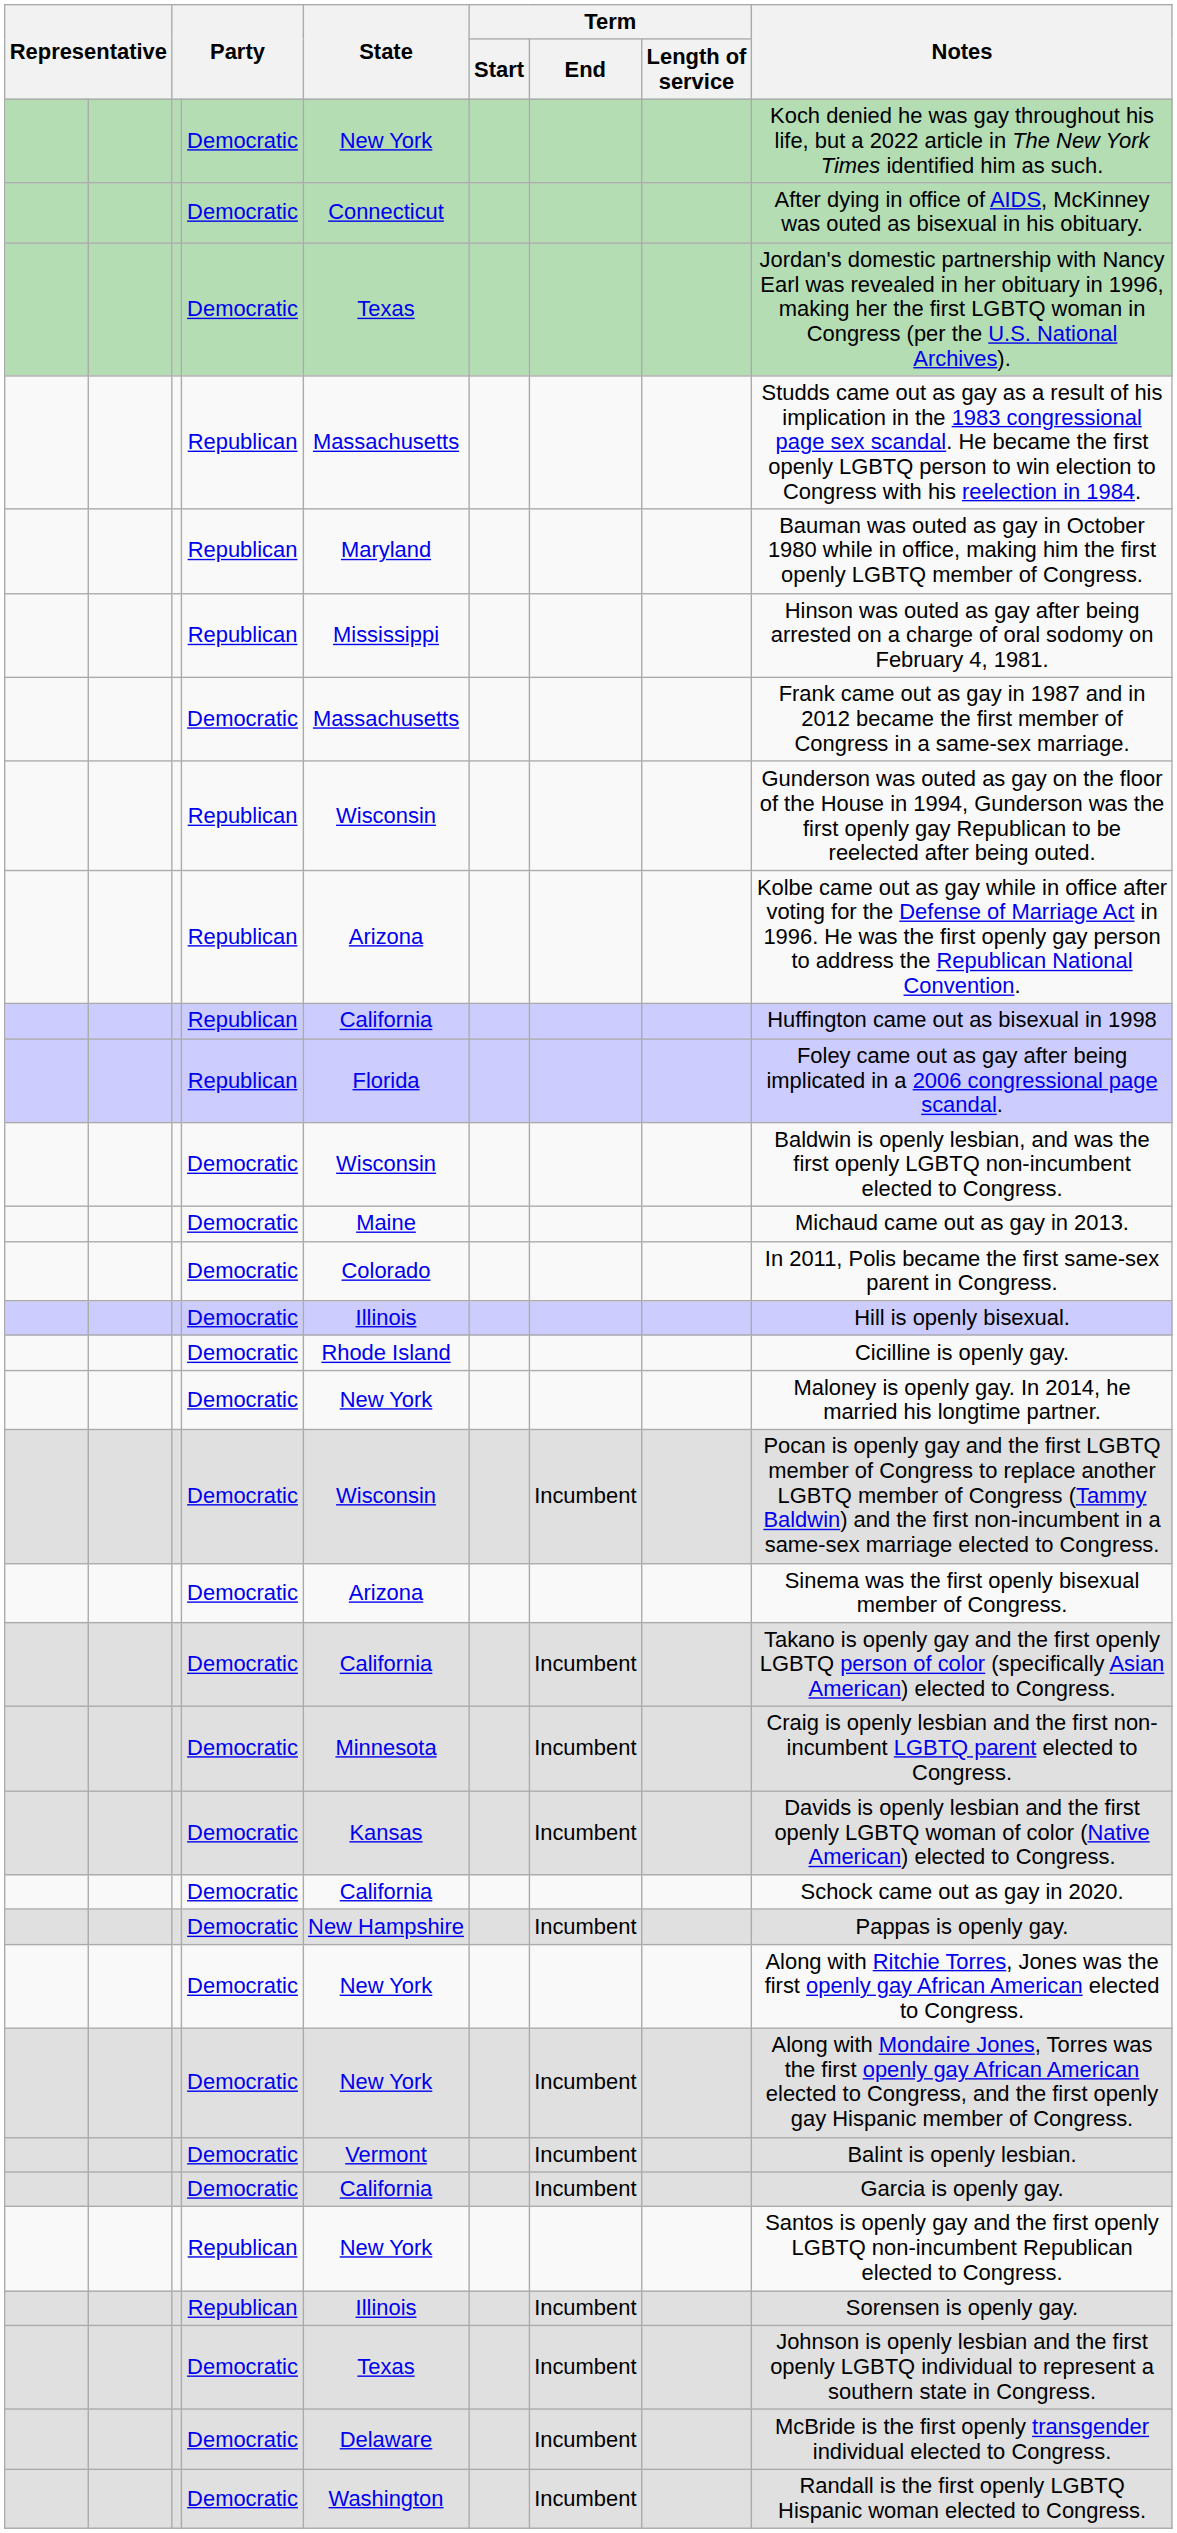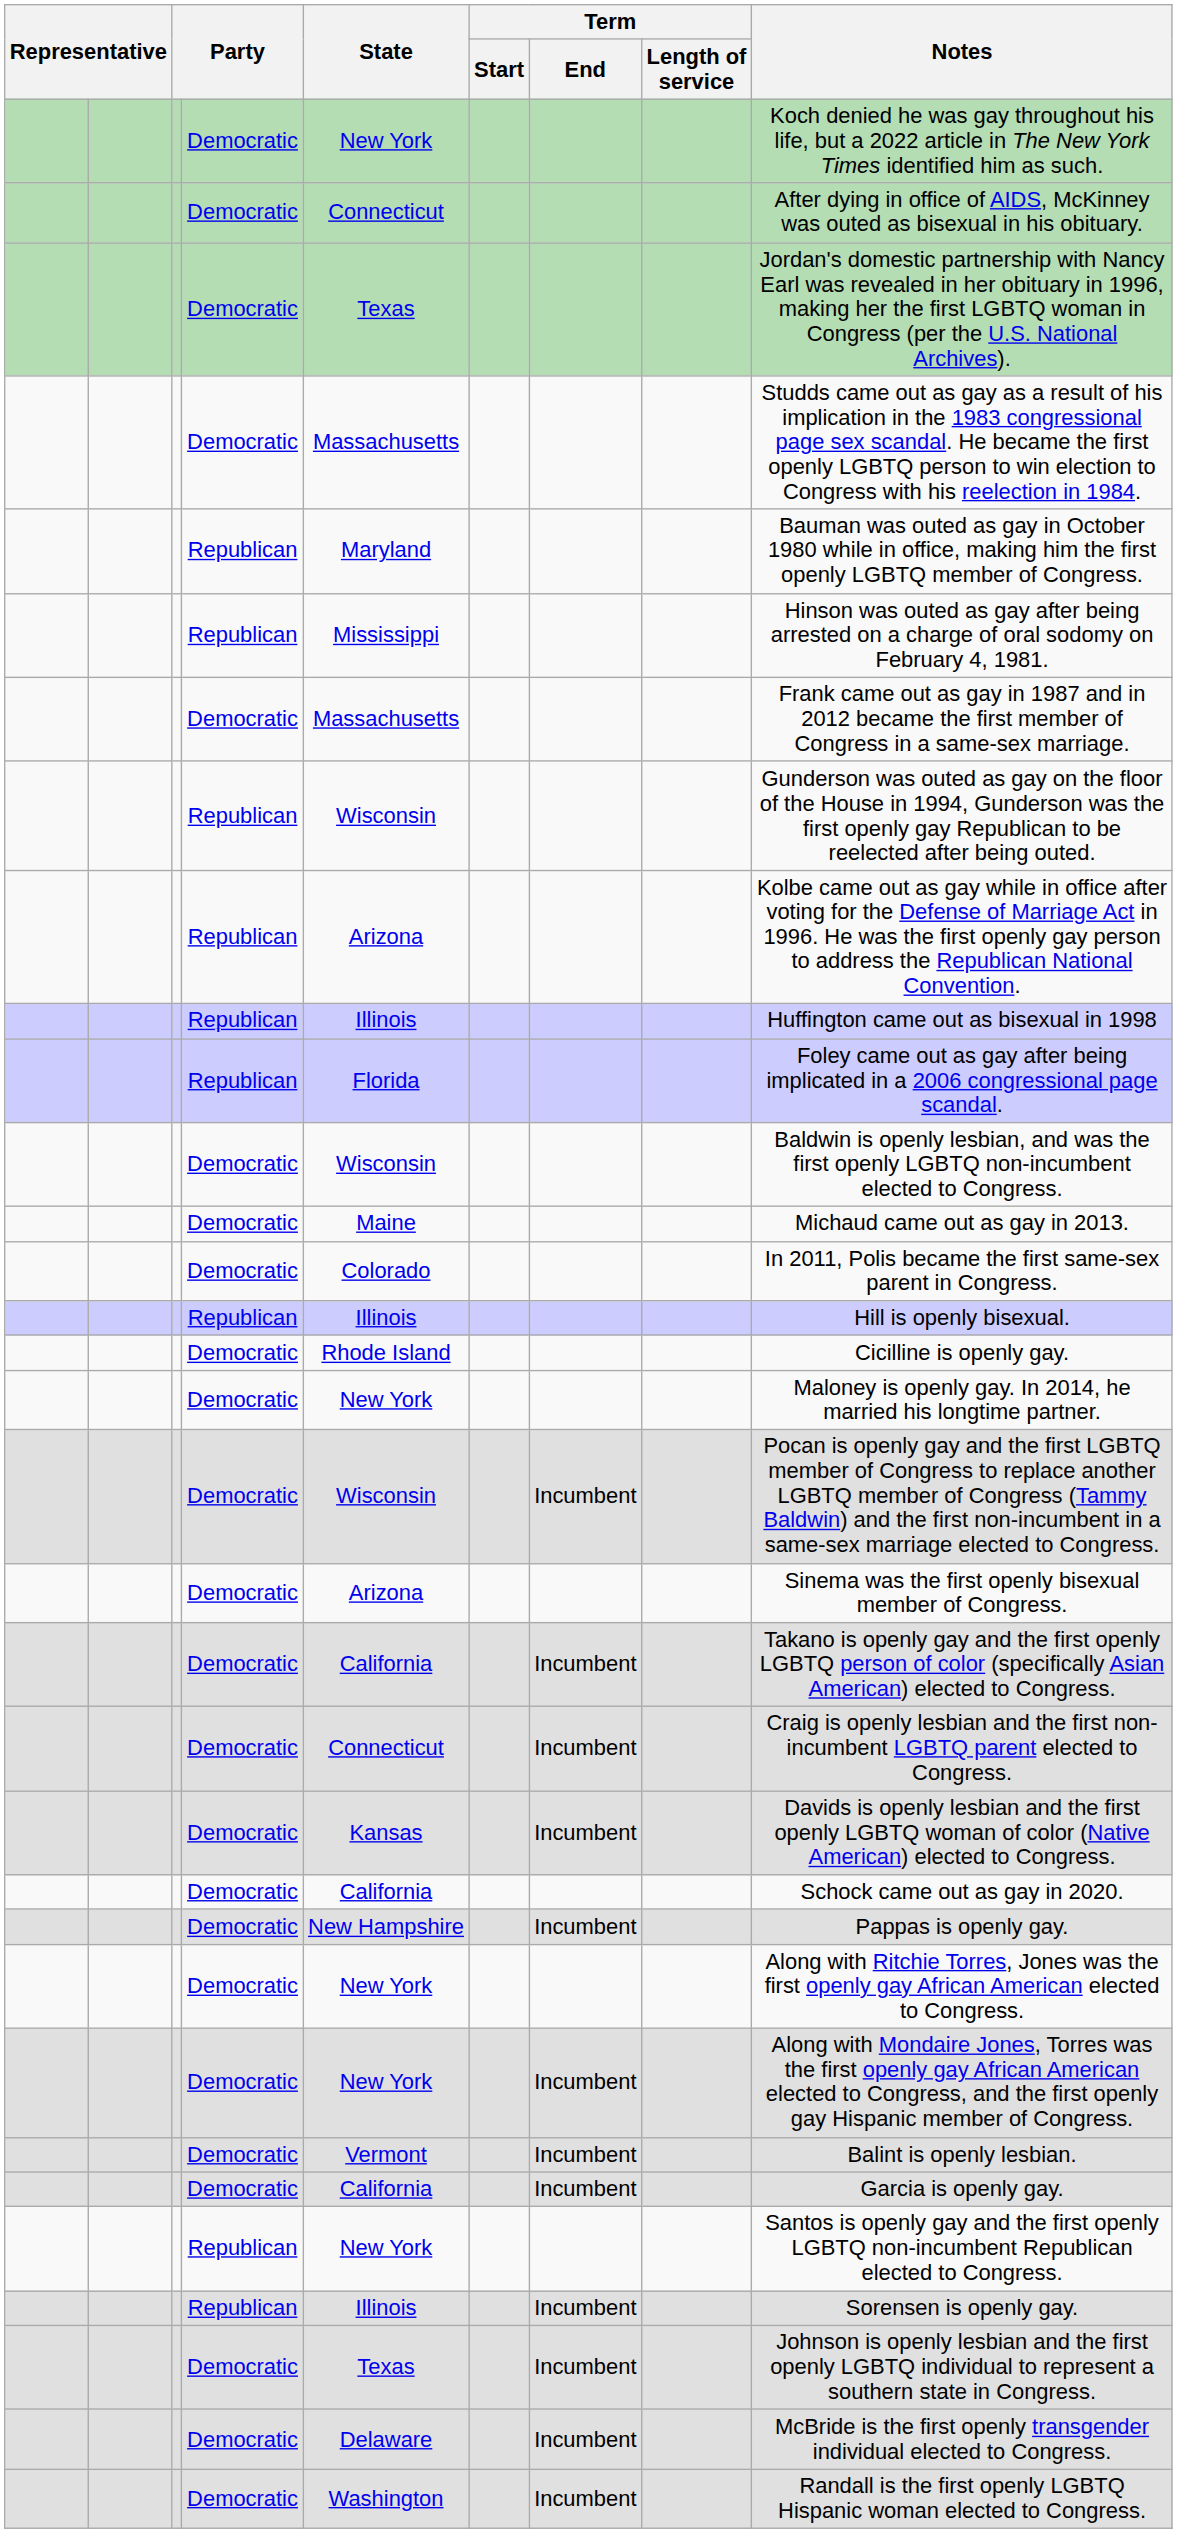 <table class="wikitable sortable" style="text-align:center">
 <tr>
 <th scope="col" rowspan=2 colspan=2>Representative</th>
 <th scope="col" rowspan=2 colspan=2>Party</th>
 <th scope="col" rowspan=2>State</th>
 <th scope="col" colspan=3>Term</th>
 <th scope="col" rowspan=2>Notes</th>
 </tr>
 <tr>
 <th scope="col">Start</th>
 <th scope="col">End</th>
 <th scope="col">Length of<br>service</th>
 </tr>
 <tr style="background:#b4ddb4">
 <td data-sort-value="Koch, Ed"></td>
 <td></td>
 <td style="background-color:"></td>
 <td><a href='#'>Democratic</a></td>
 <td><a href='#'>New York</a></td>
 <td></td>
 <td></td>
 <td></td>
 <td width=300>Koch denied he was gay throughout his life, but a 2022 article in <em>The New York Times</em> identified him as such.</td>
 </tr>
 <tr style="background:#b4ddb4">
 <td data-sort-value="McKinney, Stewart"></td>
 <td nowrap></td>
 <td style="background-color:"></td>
 <td><a href='#'>Democratic</a></td>
 <td><a href='#'>Connecticut</a></td>
 <td></td>
 <td></td>
 <td></td>
 <td>After dying in office of <a href='#'>AIDS</a>, McKinney was outed as bisexual in his obituary.</td>
 </tr>
 <tr style="background:#b4ddb4">
 <td data-sort-value="Jordan, Barbara"></td>
 <td></td>
 <td style="background-color:"></td>
 <td><a href='#'>Democratic</a></td>
 <td><a href='#'>Texas</a></td>
 <td></td>
 <td></td>
 <td></td>
 <td>Jordan's domestic partnership with Nancy Earl was revealed in her obituary in 1996, making her the first LGBTQ woman in Congress (per the <a href='#'>U.S. National Archives</a>).</td>
 </tr>
 <tr>
 <td data-sort-value="Studds, Gerry"></td>
 <td></td>
 <td style="background-color:"></td>
-<td><a href='#'>Republican</a></td>
+<td><a href='#'>Democratic</a></td>
 <td><a href='#'>Massachusetts</a></td>
 <td></td>
 <td></td>
 <td></td>
 <td>Studds came out as gay as a result of his implication in the <a href='#'>1983 congressional page sex scandal</a>. He became the first openly LGBTQ person to win election to Congress with his <a href='#'>reelection in 1984</a>.</td>
 </tr>
 <tr>
 <td data-sort-value="Bauman, Robert"></td>
 <td></td>
 <td style="background-color:"></td>
 <td><a href='#'>Republican</a></td>
 <td><a href='#'>Maryland</a></td>
 <td></td>
 <td></td>
 <td></td>
 <td>Bauman was outed as gay in October 1980 while in office, making him the first openly LGBTQ member of Congress.</td>
 </tr>
 <tr>
 <td data-sort-value="Hinson, Jon"></td>
 <td></td>
 <td style="background-color:"></td>
 <td><a href='#'>Republican</a></td>
 <td><a href='#'>Mississippi</a></td>
 <td></td>
 <td></td>
 <td></td>
 <td>Hinson was outed as gay after being arrested on a charge of oral sodomy on February 4, 1981.</td>
 </tr>
 <tr>
 <td data-sort-value="Frank, Barney"></td>
 <td></td>
 <td style="background-color:"></td>
 <td><a href='#'>Democratic</a></td>
 <td><a href='#'>Massachusetts</a></td>
 <td></td>
 <td></td>
 <td></td>
 <td>Frank came out as gay in 1987 and in 2012 became the first member of Congress in a same-sex marriage.</td>
 </tr>
 <tr>
 <td data-sort-value="Gunderson, Steve"></td>
 <td></td>
 <td style="background-color:"></td>
 <td><a href='#'>Republican</a></td>
 <td><a href='#'>Wisconsin</a></td>
 <td></td>
 <td></td>
 <td></td>
 <td>Gunderson was outed as gay on the floor of the House in 1994, Gunderson was the first openly gay Republican to be reelected after being outed.</td>
 </tr>
 <tr>
 <td data-sort-value="Kolbe, Jim"></td>
 <td></td>
 <td style="background-color:"></td>
 <td><a href='#'>Republican</a></td>
 <td><a href='#'>Arizona</a></td>
 <td></td>
 <td></td>
 <td></td>
 <td>Kolbe came out as gay while in office after voting for the <a href='#'>Defense of Marriage Act</a> in 1996. He was the first openly gay person to address the <a href='#'>Republican National Convention</a>.</td>
 </tr>
 <tr style="background:#CCF">
 <td data-sort-value="Huffington, Michael"></td>
 <td></td>
 <td style="background-color:"></td>
 <td><a href='#'>Republican</a></td>
-<td><a href='#'>California</a></td>
+<td><a href='#'>Illinois</a></td>
 <td></td>
 <td></td>
 <td></td>
 <td>Huffington came out as bisexual in 1998</td>
 </tr>
 <tr style="background:#CCF">
 <td data-sort-value="Foley, Mark"></td>
 <td></td>
 <td style="background-color:"></td>
 <td><a href='#'>Republican</a></td>
 <td><a href='#'>Florida</a></td>
 <td></td>
 <td></td>
 <td></td>
 <td>Foley came out as gay after being implicated in a <a href='#'>2006 congressional page scandal</a>.</td>
 </tr>
 <tr>
 <td data-sort-value="Baldwin, Tammy"></td>
 <td></td>
 <td style="background-color:"></td>
 <td><a href='#'>Democratic</a></td>
 <td><a href='#'>Wisconsin</a></td>
 <td></td>
 <td></td>
 <td></td>
 <td>Baldwin is openly lesbian, and was the first openly LGBTQ non-incumbent elected to Congress.</td>
 </tr>
 <tr>
 <td data-sort-value="Michaud, Mike"></td>
 <td></td>
 <td style="background-color:"></td>
 <td><a href='#'>Democratic</a></td>
 <td><a href='#'>Maine</a></td>
 <td></td>
 <td></td>
 <td></td>
 <td>Michaud came out as gay in 2013.</td>
 </tr>
 <tr>
 <td data-sort-value="Polis, Jared"></td>
 <td></td>
 <td style="background-color:"></td>
 <td><a href='#'>Democratic</a></td>
 <td><a href='#'>Colorado</a></td>
 <td></td>
 <td></td>
 <td></td>
 <td>In 2011, Polis became the first same-sex parent in Congress.</td>
 </tr>
 <tr style="background:#CCF">
 <td data-sort-value="Schock, Aaron"></td>
 <td></td>
 <td style="background-color:"></td>
-<td><a href='#'>Democratic</a></td>
+<td><a href='#'>Republican</a></td>
 <td><a href='#'>Illinois</a></td>
 <td></td>
 <td></td>
 <td></td>
 <td>Hill is openly bisexual.</td>
 </tr>
 <tr>
 <td data-sort-value="Cicilline, David"></td>
 <td></td>
 <td style="background-color:"></td>
 <td><a href='#'>Democratic</a></td>
 <td><a href='#'>Rhode Island</a></td>
 <td></td>
 <td></td>
 <td></td>
 <td>Cicilline is openly gay.</td>
 </tr>
 <tr>
 <td data-sort-value="Maloney, Sean Patrick"></td>
 <td></td>
 <td style="background-color:"></td>
 <td><a href='#'>Democratic</a></td>
 <td><a href='#'>New York</a></td>
 <td></td>
 <td></td>
 <td></td>
 <td>Maloney is openly gay. In 2014, he married his longtime partner.</td>
 </tr>
 <tr style="background:#e0e0e0">
 <td data-sort-value="Pocan, Mark"></td>
 <td></td>
 <td style="background-color:"></td>
 <td><a href='#'>Democratic</a></td>
 <td><a href='#'>Wisconsin</a></td>
 <td></td>
 <td>Incumbent</td>
 <td></td>
 <td>Pocan is openly gay and the first LGBTQ member of Congress to replace another LGBTQ member of Congress (<a href='#'>Tammy Baldwin</a>) and the first non-incumbent in a same-sex marriage elected to Congress.</td>
 </tr>
 <tr>
 <td data-sort-value="Sinema, Kyrsten"></td>
 <td></td>
 <td style="background-color:"></td>
 <td><a href='#'>Democratic</a></td>
 <td><a href='#'>Arizona</a></td>
 <td></td>
 <td></td>
 <td></td>
 <td>Sinema was the first openly bisexual member of Congress.</td>
 </tr>
 <tr style="background:#e0e0e0">
 <td data-sort-value="Takano, Mark"></td>
 <td></td>
 <td style="background-color:"></td>
 <td><a href='#'>Democratic</a></td>
 <td><a href='#'>California</a></td>
 <td></td>
 <td>Incumbent</td>
 <td></td>
 <td>Takano is openly gay and the first openly LGBTQ <a href='#'>person of color</a> (specifically <a href='#'>Asian American</a>) elected to Congress.</td>
 </tr>
 <tr style="background:#e0e0e0">
 <td data-sort-value="Craig, Angie"></td>
 <td></td>
 <td style="background-color:"></td>
 <td><a href='#'>Democratic</a></td>
-<td><a href='#'>Minnesota</a></td>
+<td><a href='#'>Connecticut</a></td>
 <td></td>
 <td>Incumbent</td>
 <td></td>
 <td>Craig is openly lesbian and the first non-incumbent <a href='#'>LGBTQ parent</a> elected to Congress.</td>
 </tr>
 <tr style="background:#e0e0e0">
 <td data-sort-value="Davids, Sharice"></td>
 <td></td>
 <td style="background-color:"></td>
 <td><a href='#'>Democratic</a></td>
 <td><a href='#'>Kansas</a></td>
 <td></td>
 <td>Incumbent</td>
 <td></td>
 <td>Davids is openly lesbian and the first openly LGBTQ woman of color (<a href='#'>Native American</a>) elected to Congress.</td>
 </tr>
 <tr>
 <td data-sort-value="Hill, Katie"></td>
 <td></td>
 <td style="background-color:"></td>
 <td><a href='#'>Democratic</a></td>
 <td><a href='#'>California</a></td>
 <td></td>
 <td></td>
 <td></td>
 <td>Schock came out as gay in 2020.</td>
 </tr>
 <tr style="background:#e0e0e0">
 <td data-sort-value="Pappas, Chris"></td>
 <td></td>
 <td style="background-color:"></td>
 <td><a href='#'>Democratic</a></td>
 <td><a href='#'>New Hampshire</a></td>
 <td></td>
 <td>Incumbent</td>
 <td></td>
 <td>Pappas is openly gay.</td>
 </tr>
 <tr>
 <td data-sort-value="Jones, Mondaire"></td>
 <td></td>
 <td style="background-color:"></td>
 <td><a href='#'>Democratic</a></td>
 <td><a href='#'>New York</a></td>
 <td></td>
 <td></td>
 <td></td>
 <td>Along with <a href='#'>Ritchie Torres</a>, Jones was the first <a href='#'>openly gay African American</a> elected to Congress.</td>
 </tr>
 <tr style="background:#e0e0e0">
 <td data-sort-value="Torres, Ritchie"></td>
 <td></td>
 <td style="background-color:"></td>
 <td><a href='#'>Democratic</a></td>
 <td><a href='#'>New York</a></td>
 <td></td>
 <td>Incumbent</td>
 <td></td>
 <td>Along with <a href='#'>Mondaire Jones</a>, Torres was the first <a href='#'>openly gay African American</a> elected to Congress, and the first openly gay Hispanic member of Congress.</td>
 </tr>
 <tr style="background:#e0e0e0">
 <td data-sort-value="Balint, Becca"></td>
 <td></td>
 <td style="background-color:"></td>
 <td><a href='#'>Democratic</a></td>
 <td><a href='#'>Vermont</a></td>
 <td></td>
 <td>Incumbent</td>
 <td></td>
 <td>Balint is openly lesbian.</td>
 </tr>
 <tr style="background:#e0e0e0">
 <td data-sort-value="Garcia, Robert"></td>
 <td></td>
 <td style="background-color:"></td>
 <td><a href='#'>Democratic</a></td>
 <td><a href='#'>California</a></td>
 <td></td>
 <td>Incumbent</td>
 <td></td>
 <td>Garcia is openly gay.</td>
 </tr>
 <tr>
 <td data-sort-value="Santos, George"></td>
 <td></td>
 <td style="background-color:"></td>
 <td><a href='#'>Republican</a></td>
 <td><a href='#'>New York</a></td>
 <td></td>
 <td></td>
 <td></td>
 <td>Santos is openly gay and the first openly LGBTQ non-incumbent Republican elected to Congress.</td>
 </tr>
 <tr style="background:#e0e0e0">
 <td data-sort-value="Sorenson, Eric"></td>
 <td></td>
 <td style="background-color:"></td>
 <td><a href='#'>Republican</a></td>
 <td><a href='#'>Illinois</a></td>
 <td></td>
 <td>Incumbent</td>
 <td></td>
 <td>Sorensen is openly gay.</td>
 </tr>
 <tr style="background:#e0e0e0">
 <td data-sort-value="Johnson, Julie"></td>
 <td></td>
 <td style="background-color:"></td>
 <td><a href='#'>Democratic</a></td>
 <td><a href='#'>Texas</a></td>
 <td></td>
 <td>Incumbent</td>
 <td></td>
 <td>Johnson is openly lesbian and the first openly LGBTQ individual to represent a southern state in Congress.</td>
 </tr>
 <tr style="background:#e0e0e0">
 <td data-sort-value="McBride, Sarah"></td>
 <td></td>
 <td style="background-color:"></td>
 <td><a href='#'>Democratic</a></td>
 <td><a href='#'>Delaware</a></td>
 <td></td>
 <td>Incumbent</td>
 <td></td>
 <td>McBride is the first openly <a href='#'>transgender</a> individual elected to Congress.</td>
 </tr>
 <tr style="background:#e0e0e0">
 <td data-sort-value="Randall, Emily"></td>
 <td></td>
 <td style="background-color:"></td>
 <td><a href='#'>Democratic</a></td>
 <td><a href='#'>Washington</a></td>
 <td></td>
 <td>Incumbent</td>
 <td></td>
 <td>Randall is the first openly LGBTQ Hispanic woman elected to Congress.</td>
 </tr>
 </table>
